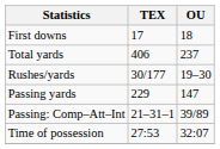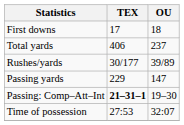 <table class="wikitable" style="float: left;">
 <tr>
 <th>Statistics</th>
 <th>TEX</th>
 <th>OU</th>
 </tr>
 <tr>
 <td>First downs</td>
 <td>17</td>
 <td>18</td>
 </tr>
 <tr>
 <td>Total yards</td>
 <td>406</td>
 <td>237</td>
 </tr>
 <tr>
 <td>Rushes/yards</td>
 <td>30/177</td>
-<td>19–30</td>
+<td>39/89</td>
 </tr>
 <tr>
 <td>Passing yards</td>
 <td>229</td>
 <td>147</td>
 </tr>
 <tr>
 <td>Passing: Comp–Att–Int</td>
-<td>21–31–1</td>
-<td>39/89</td>
+<td><strong>21–31–1</strong></td>
+<td>19–30</td>
 </tr>
 <tr>
 <td>Time of possession</td>
 <td>27:53</td>
 <td>32:07</td>
 </tr>
 <tr>
 </tr>
 </table>
